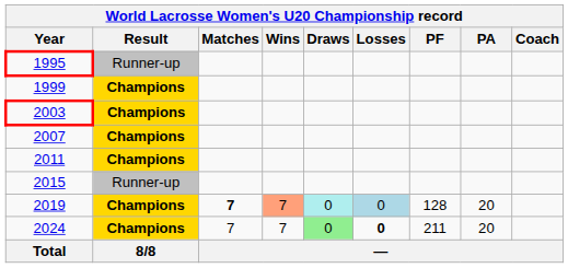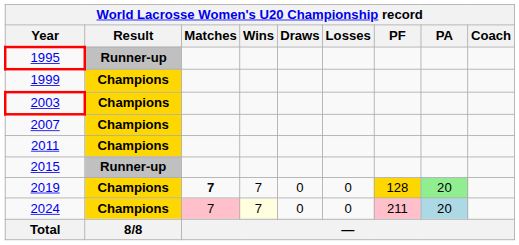 <table class="wikitable"  style="text-align:center;">
 <tr>
 <th colspan=9><strong><a href='#'>World Lacrosse Women's U20 Championship</a> record</strong></th>
 </tr>
 <tr>
 <th width=90>Year</th>
 <th width=110>Result</th>
 <th>Matches</th>
 <th>Wins</th>
 <th>Draws</th>
 <th>Losses</th>
 <th width=50>PF</th>
 <th width=50>PA</th>
 <th>Coach</th>
 </tr>
 <tr>
 <td style="border: 3px solid red"> <a href='#'>1995</a></td>
-<td style="background:silver;">Runner-up</td>
+<td style="background:silver;"><strong>Runner-up</strong></td>
 <td></td>
 <td></td>
 <td></td>
 <td></td>
 <td></td>
 <td></td>
 <td></td>
 </tr>
 <tr>
 <td> <a href='#'>1999</a></td>
 <td style="background:gold;"><strong>Champions</strong></td>
 <td></td>
 <td></td>
 <td></td>
 <td></td>
 <td></td>
 <td></td>
 <td></td>
 </tr>
 <tr>
 <td style="border: 3px solid red"> <a href='#'>2003</a></td>
 <td style="background:gold;"><strong>Champions</strong></td>
 <td></td>
 <td></td>
 <td></td>
 <td></td>
 <td></td>
 <td></td>
 <td></td>
 </tr>
 <tr>
 <td> <a href='#'>2007</a></td>
 <td style="background:gold;"><strong>Champions</strong></td>
 <td></td>
 <td></td>
 <td></td>
 <td></td>
 <td></td>
 <td></td>
 <td></td>
 </tr>
 <tr>
 <td> <a href='#'>2011</a></td>
 <td style="background:gold;"><strong>Champions</strong></td>
 <td></td>
 <td></td>
 <td></td>
 <td></td>
 <td></td>
 <td></td>
 <td></td>
 </tr>
 <tr>
 <td> <a href='#'>2015</a></td>
-<td style="background:silver;">Runner-up</td>
+<td style="background:silver;"><strong>Runner-up</strong></td>
 <td></td>
 <td></td>
 <td></td>
 <td></td>
 <td></td>
 <td></td>
 <td></td>
 </tr>
 <tr>
 <td> <a href='#'>2019</a></td>
 <td style="background:gold;"><strong>Champions</strong></td>
 <td><strong>7</strong></td>
-<td style="background: lightsalmon;">7</td>
-<td style="background: paleturquoise;">0</td>
-<td style="background: lightblue;">0</td>
-<td>128</td>
-<td>20</td>
+<td>7</td>
+<td>0</td>
+<td>0</td>
+<td style="background: gold;">128</td>
+<td style="background: lightgreen;">20</td>
 <td></td>
 </tr>
 <tr>
 <td> <a href='#'>2024</a></td>
 <td style="background:gold;"><strong>Champions</strong></td>
-<td>7</td>
-<td>7</td>
-<td style="background: lightgreen;">0</td>
-<td><strong>0</strong></td>
-<td>211</td>
-<td>20</td>
+<td style="background: pink;">7</td>
+<td style="background: lightyellow;">7</td>
+<td>0</td>
+<td>0</td>
+<td style="background: pink;">211</td>
+<td style="background: lightblue;">20</td>
 <td></td>
 </tr>
 <tr>
 <th>Total</th>
 <th>8/8</th>
 <th colspan=7>—</th>
 </tr>
 </table>
